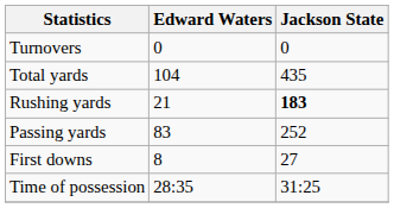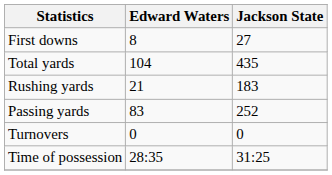 <table class="wikitable">
 <tr>
 <th>Statistics</th>
 <th>Edward Waters</th>
 <th>Jackson State</th>
 </tr>
 <tr>
-<td>Turnovers</td>
-<td>0</td>
-<td>0</td>
+<td>First downs</td>
+<td>8</td>
+<td>27</td>
 </tr>
 <tr>
 <td>Total yards</td>
 <td>104</td>
 <td>435</td>
 </tr>
 <tr>
 <td>Rushing yards</td>
 <td>21</td>
-<td><strong>183</strong></td>
+<td>183</td>
 </tr>
 <tr>
 <td>Passing yards</td>
 <td>83</td>
 <td>252</td>
 </tr>
 <tr>
-<td>First downs</td>
-<td>8</td>
-<td>27</td>
+<td>Turnovers</td>
+<td>0</td>
+<td>0</td>
 </tr>
 <tr>
 <td>Time of possession</td>
 <td>28:35</td>
 <td>31:25</td>
 </tr>
 <tr>
 </tr>
 </table>
